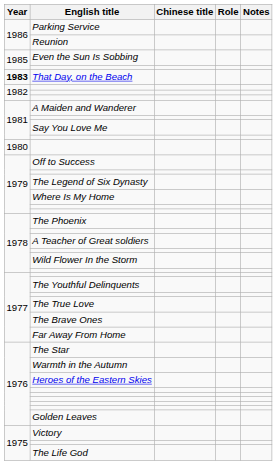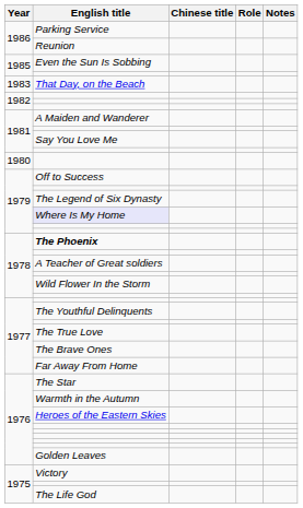 <table class="wikitable">
 <tr>
 <th>Year</th>
 <th>English title</th>
 <th>Chinese title</th>
 <th>Role</th>
 <th>Notes</th>
 </tr>
 <tr>
 <td rowspan="2">1986</td>
 <td><em>Parking Service</em></td>
 <td></td>
 <td></td>
 <td></td>
 </tr>
 <tr>
 <td><em>Reunion</em></td>
 <td></td>
 <td></td>
 <td></td>
 </tr>
 <tr>
 <td rowspan="2">1985</td>
 <td><em>Even the Sun Is Sobbing</em></td>
 <td></td>
 <td></td>
 <td></td>
 </tr>
 <tr>
 <td></td>
 <td></td>
 <td></td>
 <td></td>
 </tr>
 <tr>
-<td><strong>1983</strong></td>
+<td>1983</td>
 <td><em><a href='#'>That Day, on the Beach</a></em></td>
 <td></td>
 <td></td>
 <td></td>
 </tr>
 <tr>
 <td rowspan="3">1982</td>
 <td></td>
 <td></td>
 <td></td>
 <td></td>
 </tr>
 <tr>
 <td></td>
 <td></td>
 <td></td>
 <td></td>
 </tr>
 <tr>
 <td></td>
 <td></td>
 <td></td>
 <td></td>
 </tr>
 <tr>
 <td rowspan="4">1981</td>
 <td><em>A Maiden and Wanderer</em></td>
 <td></td>
 <td></td>
 <td></td>
 </tr>
 <tr>
 <td></td>
 <td></td>
 <td></td>
 <td></td>
 </tr>
 <tr>
 <td><em>Say You Love Me</em></td>
 <td></td>
 <td></td>
 <td></td>
 </tr>
 <tr>
 <td></td>
 <td></td>
 <td></td>
 <td></td>
 </tr>
 <tr>
 <td>1980</td>
 <td></td>
 <td></td>
 <td></td>
 <td></td>
 </tr>
 <tr>
 <td rowspan="6">1979</td>
 <td><em>Off to Success</em></td>
 <td></td>
 <td></td>
 <td></td>
 </tr>
 <tr>
 <td></td>
 <td></td>
 <td></td>
 <td></td>
 </tr>
 <tr>
 <td><em>The Legend of Six Dynasty</em></td>
 <td></td>
 <td></td>
 <td></td>
 </tr>
 <tr>
-<td><em>Where Is My Home</em></td>
+<td style="background: lavender;"><em>Where Is My Home</em></td>
 <td></td>
 <td></td>
 <td></td>
 </tr>
 <tr>
 <td></td>
 <td></td>
 <td></td>
 <td></td>
 </tr>
 <tr>
 <td></td>
 <td></td>
 <td></td>
 <td></td>
 </tr>
 <tr>
 <td rowspan="6">1978</td>
-<td><em>The Phoenix</em></td>
+<td><strong><em>The Phoenix</em></strong></td>
 <td></td>
 <td></td>
 <td></td>
 </tr>
 <tr>
 <td></td>
 <td></td>
 <td></td>
 <td></td>
 </tr>
 <tr>
 <td><em>A Teacher of Great soldiers</em></td>
 <td></td>
 <td></td>
 <td></td>
 </tr>
 <tr>
 <td></td>
 <td></td>
 <td></td>
 <td></td>
 </tr>
 <tr>
 <td><em>Wild Flower In the Storm</em></td>
 <td></td>
 <td></td>
 <td></td>
 </tr>
 <tr>
 <td></td>
 <td></td>
 <td></td>
 <td></td>
 </tr>
 <tr>
 <td rowspan="6">1977</td>
 <td></td>
 <td></td>
 <td></td>
 <td></td>
 </tr>
 <tr>
 <td><em>The Youthful Delinquents</em></td>
 <td></td>
 <td></td>
 <td></td>
 </tr>
 <tr>
 <td></td>
 <td></td>
 <td></td>
 <td></td>
 </tr>
 <tr>
 <td><em>The True Love</em></td>
 <td></td>
 <td></td>
 <td></td>
 </tr>
 <tr>
 <td><em>The Brave Ones</em></td>
 <td></td>
 <td></td>
 <td></td>
 </tr>
 <tr>
 <td><em>Far Away From Home</em></td>
 <td></td>
 <td></td>
 <td></td>
 </tr>
 <tr>
 <td rowspan="9">1976</td>
 <td><em>The Star</em></td>
 <td></td>
 <td></td>
 <td></td>
 </tr>
 <tr>
 <td><em>Warmth in the Autumn</em></td>
 <td></td>
 <td></td>
 <td></td>
 </tr>
 <tr>
 <td><em><a href='#'>Heroes of the Eastern Skies</a></em></td>
 <td></td>
 <td></td>
 <td></td>
 </tr>
 <tr>
 <td></td>
 <td></td>
 <td></td>
 <td></td>
 </tr>
 <tr>
 <td></td>
 <td></td>
 <td></td>
 <td></td>
 </tr>
 <tr>
 <td></td>
 <td></td>
 <td></td>
 <td></td>
 </tr>
 <tr>
 <td></td>
 <td></td>
 <td></td>
 <td></td>
 </tr>
 <tr>
 <td></td>
 <td></td>
 <td></td>
 <td></td>
 </tr>
 <tr>
 <td><em>Golden Leaves</em></td>
 <td></td>
 <td></td>
 <td></td>
 </tr>
 <tr>
 <td rowspan="3">1975</td>
 <td><em>Victory</em></td>
 <td></td>
 <td></td>
 <td></td>
 </tr>
 <tr>
 <td></td>
 <td></td>
 <td></td>
 <td></td>
 </tr>
 <tr>
 <td><em>The Life God</em></td>
 <td></td>
 <td></td>
 <td></td>
 </tr>
 </table>
